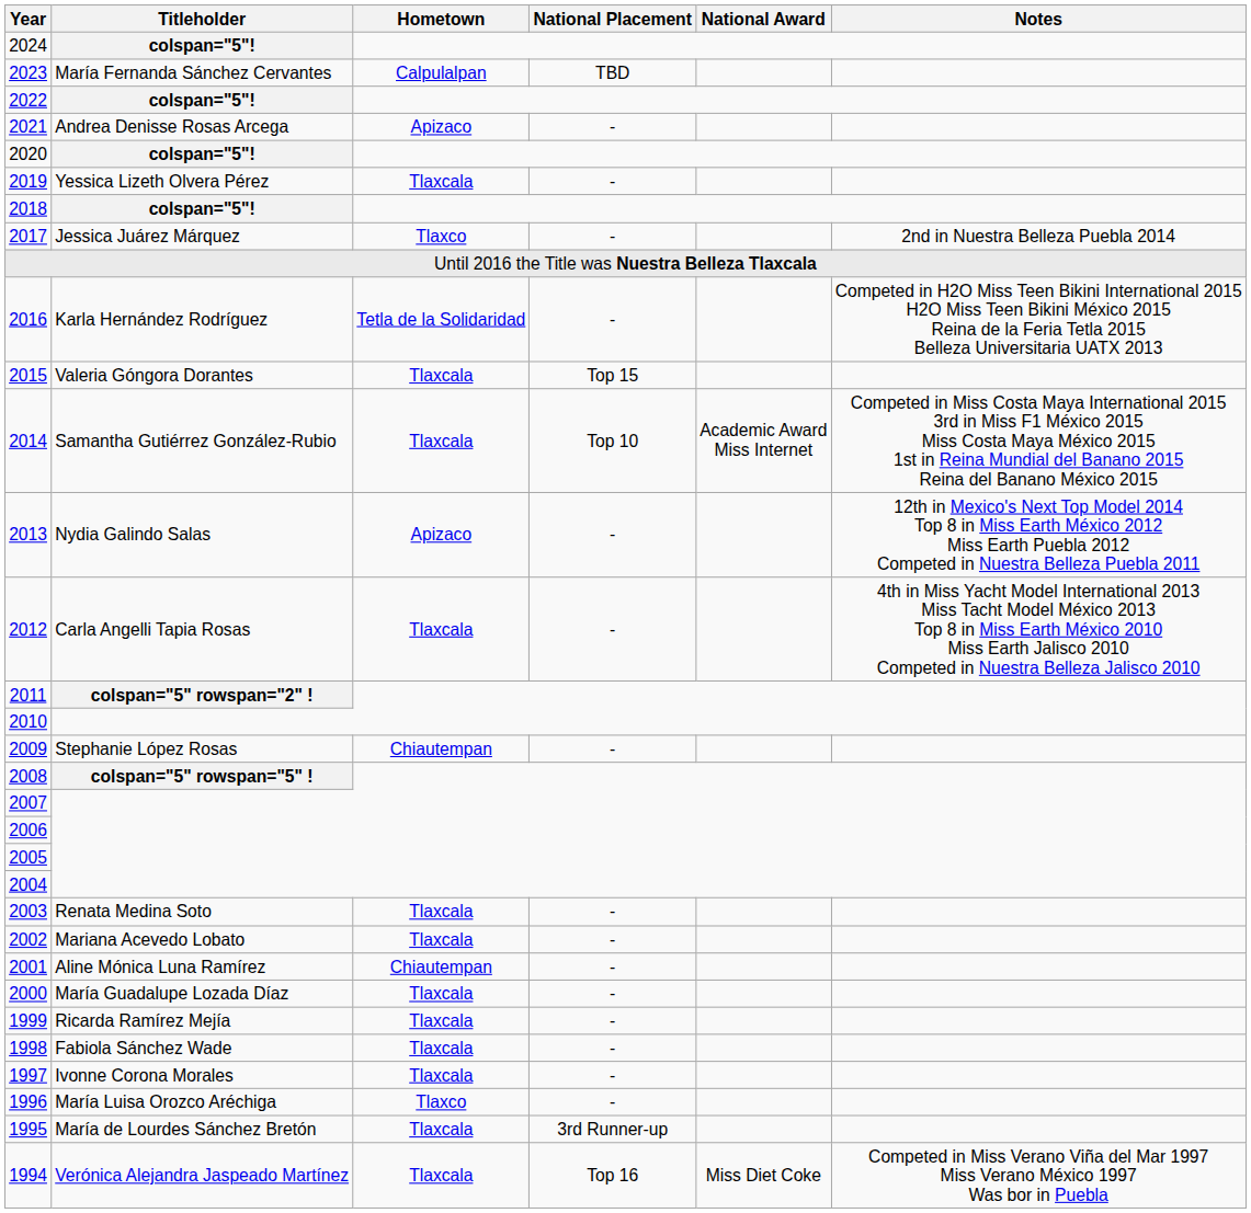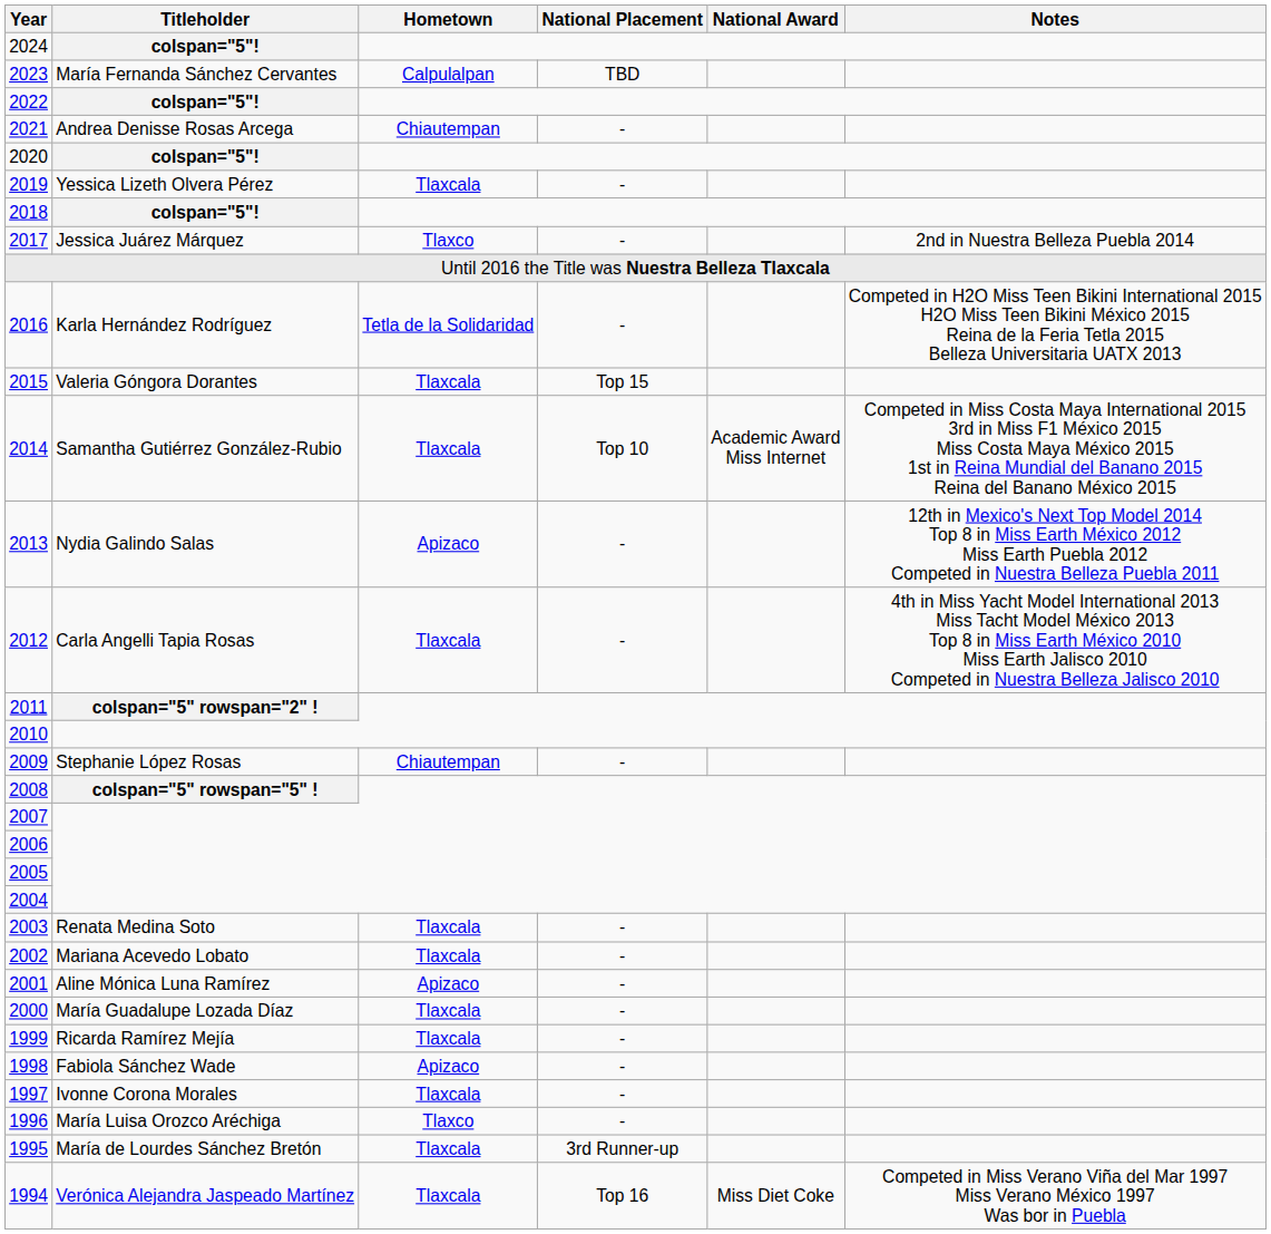 <table class="wikitable sortable" style="font-size:95%;">
 <tr>
 <th>Year</th>
 <th>Titleholder</th>
 <th>Hometown</th>
 <th>National Placement</th>
 <th>National Award</th>
 <th>Notes</th>
 </tr>
 <tr>
 <td align="center">2024</td>
 <th>colspan="5"!</th>
 </tr>
 <tr>
 <td align="center"><a href='#'>2023</a></td>
 <td>María Fernanda Sánchez Cervantes</td>
 <td align="center"><a href='#'>Calpulalpan</a></td>
 <td align="center">TBD</td>
 <td align="center"></td>
 <td align="center"></td>
 </tr>
 <tr>
 <td align="center"><a href='#'>2022</a></td>
 <th>colspan="5"!</th>
 </tr>
 <tr>
 <td align="center"><a href='#'>2021</a></td>
 <td>Andrea Denisse Rosas Arcega</td>
-<td align="center"><a href='#'>Apizaco</a></td>
+<td align="center"><a href='#'>Chiautempan</a></td>
 <td align="center">-</td>
 <td align="center"></td>
 <td align="center"></td>
 </tr>
 <tr>
 <td align="center">2020</td>
 <th>colspan="5"!</th>
 </tr>
 <tr>
 <td align="center"><a href='#'>2019</a></td>
 <td>Yessica Lizeth Olvera Pérez</td>
 <td align="center"><a href='#'>Tlaxcala</a></td>
 <td align="center">-</td>
 <td align="center"></td>
 <td align="center"></td>
 </tr>
 <tr>
 <td align="center"><a href='#'>2018</a></td>
 <th>colspan="5"!</th>
 </tr>
 <tr>
 <td align="center"><a href='#'>2017</a></td>
 <td>Jessica Juárez Márquez</td>
 <td align="center"><a href='#'>Tlaxco</a></td>
 <td align="center">-</td>
 <td align="center"></td>
 <td align="center">2nd in Nuestra Belleza Puebla 2014</td>
 </tr>
 <tr>
 <td colspan="6" bgcolor="#EAEAEA" style="text-align:center;">Until 2016 the Title was <strong>Nuestra Belleza Tlaxcala</strong></td>
 </tr>
 <tr>
 <td align="center"><a href='#'>2016</a></td>
 <td>Karla Hernández Rodríguez</td>
 <td align="center"><a href='#'>Tetla de la Solidaridad</a></td>
 <td align="center">-</td>
 <td align="center"></td>
 <td align="center">Competed in H2O Miss Teen Bikini International 2015<br>H2O Miss Teen Bikini México 2015<br>Reina de la Feria Tetla 2015<br>Belleza Universitaria UATX 2013</td>
 </tr>
 <tr>
 <td align="center"><a href='#'>2015</a></td>
 <td>Valeria Góngora Dorantes</td>
 <td align="center"><a href='#'>Tlaxcala</a></td>
 <td align="center">Top 15</td>
 <td align="center"></td>
 <td align="center"></td>
 </tr>
 <tr>
 <td align="center"><a href='#'>2014</a></td>
 <td>Samantha Gutiérrez González-Rubio</td>
 <td align="center"><a href='#'>Tlaxcala</a></td>
 <td align="center">Top 10</td>
 <td align="center">Academic Award<br>Miss Internet</td>
 <td align="center">Competed in Miss Costa Maya International 2015<br>3rd in Miss F1 México 2015<br>Miss Costa Maya México 2015<br>1st in <a href='#'>Reina Mundial del Banano 2015</a><br>Reina del Banano México 2015</td>
 </tr>
 <tr>
 <td align="center"><a href='#'>2013</a></td>
 <td>Nydia Galindo Salas</td>
 <td align="center"><a href='#'>Apizaco</a></td>
 <td align="center">-</td>
 <td align="center"></td>
 <td align="center">12th in <a href='#'>Mexico's Next Top Model 2014</a><br>Top 8 in <a href='#'>Miss Earth México 2012</a><br>Miss Earth Puebla 2012<br>Competed in <a href='#'>Nuestra Belleza Puebla 2011</a></td>
 </tr>
 <tr>
 <td align="center"><a href='#'>2012</a></td>
 <td>Carla Angelli Tapia Rosas</td>
 <td align="center"><a href='#'>Tlaxcala</a></td>
 <td align="center">-</td>
 <td align="center"></td>
 <td align="center">4th in Miss Yacht Model International 2013<br>Miss Tacht Model México 2013<br>Top 8 in <a href='#'>Miss Earth México 2010</a><br>Miss Earth Jalisco 2010<br>Competed in <a href='#'>Nuestra Belleza Jalisco 2010</a></td>
 </tr>
 <tr>
 <td align="center"><a href='#'>2011</a></td>
 <th>colspan="5" rowspan="2" !</th>
 </tr>
 <tr>
 <td align="center"><a href='#'>2010</a></td>
 </tr>
 <tr>
 <td align="center"><a href='#'>2009</a></td>
 <td>Stephanie López Rosas</td>
 <td align="center"><a href='#'>Chiautempan</a></td>
 <td align="center">-</td>
 <td align="center"></td>
 <td align="center"></td>
 </tr>
 <tr>
 <td align="center"><a href='#'>2008</a></td>
 <th>colspan="5" rowspan="5" !</th>
 </tr>
 <tr>
 <td align="center"><a href='#'>2007</a></td>
 </tr>
 <tr>
 <td align="center"><a href='#'>2006</a></td>
 </tr>
 <tr>
 <td align="center"><a href='#'>2005</a></td>
 </tr>
 <tr>
 <td align="center"><a href='#'>2004</a></td>
 </tr>
 <tr>
 <td align="center"><a href='#'>2003</a></td>
 <td>Renata Medina Soto</td>
 <td align="center"><a href='#'>Tlaxcala</a></td>
 <td align="center">-</td>
 <td align="center"></td>
 <td align="center"></td>
 </tr>
 <tr>
 <td align="center"><a href='#'>2002</a></td>
 <td>Mariana Acevedo Lobato</td>
 <td align="center"><a href='#'>Tlaxcala</a></td>
 <td align="center">-</td>
 <td align="center"></td>
 <td align="center"></td>
 </tr>
 <tr>
 <td align="center"><a href='#'>2001</a></td>
 <td>Aline Mónica Luna Ramírez</td>
-<td align="center"><a href='#'>Chiautempan</a></td>
+<td align="center"><a href='#'>Apizaco</a></td>
 <td align="center">-</td>
 <td align="center"></td>
 <td align="center"></td>
 </tr>
 <tr>
 <td align="center"><a href='#'>2000</a></td>
 <td>María Guadalupe Lozada Díaz</td>
 <td align="center"><a href='#'>Tlaxcala</a></td>
 <td align="center">-</td>
 <td align="center"></td>
 <td align="center"></td>
 </tr>
 <tr>
 <td align="center"><a href='#'>1999</a></td>
 <td>Ricarda Ramírez Mejía</td>
 <td align="center"><a href='#'>Tlaxcala</a></td>
 <td align="center">-</td>
 <td align="center"></td>
 <td align="center"></td>
 </tr>
 <tr>
 <td align="center"><a href='#'>1998</a></td>
 <td>Fabiola Sánchez Wade</td>
-<td align="center"><a href='#'>Tlaxcala</a></td>
+<td align="center"><a href='#'>Apizaco</a></td>
 <td align="center">-</td>
 <td align="center"></td>
 <td align="center"></td>
 </tr>
 <tr>
 <td align="center"><a href='#'>1997</a></td>
 <td>Ivonne Corona Morales</td>
 <td align="center"><a href='#'>Tlaxcala</a></td>
 <td align="center">-</td>
 <td align="center"></td>
 <td align="center"></td>
 </tr>
 <tr>
 <td align="center"><a href='#'>1996</a></td>
 <td>María Luisa Orozco Aréchiga</td>
 <td align="center"><a href='#'>Tlaxco</a></td>
 <td align="center">-</td>
 <td align="center"></td>
 <td align="center"></td>
 </tr>
 <tr>
 <td align="center"><a href='#'>1995</a></td>
 <td>María de Lourdes Sánchez Bretón</td>
 <td align="center"><a href='#'>Tlaxcala</a></td>
 <td align="center">3rd Runner-up</td>
 <td align="center"></td>
 <td align="center"></td>
 </tr>
 <tr>
 <td align="center"><a href='#'>1994</a></td>
 <td><a href='#'>Verónica Alejandra Jaspeado Martínez</a></td>
 <td align="center"><a href='#'>Tlaxcala</a></td>
 <td align="center">Top 16</td>
 <td align="center">Miss Diet Coke</td>
 <td align="center">Competed in Miss Verano Viña del Mar 1997<br>Miss Verano México 1997<br>Was bor in <a href='#'>Puebla</a></td>
 </tr>
 </table>
